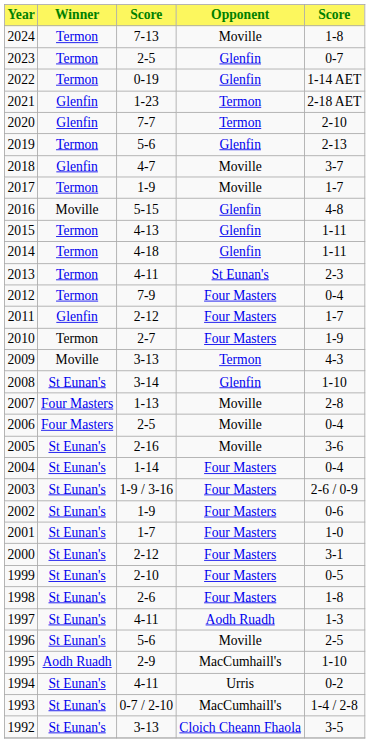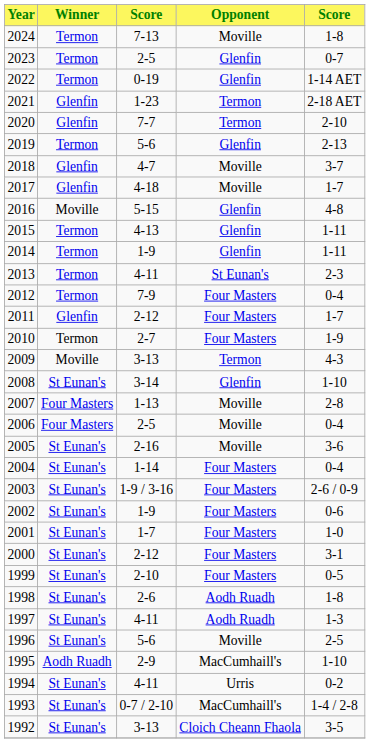 <table class="wikitable" style="text-align:center;">
 <tr>
 <th style="background:#FCF75E;color:green;">Year</th>
 <th style="background:#FCF75E;color:green;">Winner</th>
 <th style="background:#FCF75E;color:green;">Score</th>
 <th style="background:#FCF75E;color:green;">Opponent</th>
 <th style="background:#FCF75E;color:green;">Score</th>
 </tr>
 <tr>
 <td>2024</td>
 <td><a href='#'>Termon</a></td>
 <td>7-13</td>
 <td>Moville</td>
 <td>1-8</td>
 </tr>
 <tr>
 <td>2023</td>
 <td><a href='#'>Termon</a></td>
 <td>2-5</td>
 <td><a href='#'>Glenfin</a></td>
 <td>0-7</td>
 </tr>
 <tr>
 <td>2022 </td>
 <td><a href='#'>Termon</a></td>
 <td>0-19</td>
 <td><a href='#'>Glenfin</a></td>
 <td>1-14 AET</td>
 </tr>
 <tr>
 <td>2021</td>
 <td><a href='#'>Glenfin</a></td>
 <td>1-23</td>
 <td><a href='#'>Termon</a></td>
 <td>2-18 AET</td>
 </tr>
 <tr>
 <td>2020</td>
 <td><a href='#'>Glenfin</a></td>
 <td>7-7</td>
 <td><a href='#'>Termon</a></td>
 <td>2-10</td>
 </tr>
 <tr>
 <td>2019</td>
 <td><a href='#'>Termon</a></td>
 <td>5-6</td>
 <td><a href='#'>Glenfin</a></td>
 <td>2-13</td>
 </tr>
 <tr>
 <td>2018</td>
 <td><a href='#'>Glenfin</a></td>
 <td>4-7</td>
 <td>Moville</td>
 <td>3-7</td>
 </tr>
 <tr>
 <td>2017</td>
-<td><a href='#'>Termon</a></td>
-<td>1-9</td>
+<td><a href='#'>Glenfin</a></td>
+<td>4-18</td>
 <td>Moville</td>
 <td>1-7</td>
 </tr>
 <tr>
 <td>2016</td>
 <td>Moville</td>
 <td>5-15</td>
 <td><a href='#'>Glenfin</a></td>
 <td>4-8</td>
 </tr>
 <tr>
 <td>2015</td>
 <td><a href='#'>Termon</a></td>
 <td>4-13</td>
 <td><a href='#'>Glenfin</a></td>
 <td>1-11</td>
 </tr>
 <tr>
 <td>2014</td>
 <td><a href='#'>Termon</a></td>
-<td>4-18</td>
+<td>1-9</td>
 <td><a href='#'>Glenfin</a></td>
 <td>1-11</td>
 </tr>
 <tr>
 <td>2013</td>
 <td><a href='#'>Termon</a></td>
 <td>4-11</td>
 <td><a href='#'>St Eunan's</a></td>
 <td>2-3</td>
 </tr>
 <tr>
 <td>2012</td>
 <td><a href='#'>Termon</a></td>
 <td>7-9</td>
 <td><a href='#'>Four Masters</a></td>
 <td>0-4</td>
 </tr>
 <tr>
 <td>2011</td>
 <td><a href='#'>Glenfin</a></td>
 <td>2-12</td>
 <td><a href='#'>Four Masters</a></td>
 <td>1-7</td>
 </tr>
 <tr>
 <td>2010</td>
 <td>Termon</td>
 <td>2-7</td>
 <td><a href='#'>Four Masters</a></td>
 <td>1-9</td>
 </tr>
 <tr>
 <td>2009</td>
 <td>Moville</td>
 <td>3-13</td>
 <td><a href='#'>Termon</a></td>
 <td>4-3</td>
 </tr>
 <tr>
 <td>2008</td>
 <td><a href='#'>St Eunan's</a></td>
 <td>3-14</td>
 <td><a href='#'>Glenfin</a></td>
 <td>1-10</td>
 </tr>
 <tr>
 <td>2007</td>
 <td><a href='#'>Four Masters</a></td>
 <td>1-13</td>
 <td>Moville</td>
 <td>2-8</td>
 </tr>
 <tr>
 <td>2006</td>
 <td><a href='#'>Four Masters</a></td>
 <td>2-5</td>
 <td>Moville</td>
 <td>0-4</td>
 </tr>
 <tr>
 <td>2005</td>
 <td><a href='#'>St Eunan's</a></td>
 <td>2-16</td>
 <td>Moville</td>
 <td>3-6</td>
 </tr>
 <tr>
 <td>2004  </td>
 <td><a href='#'>St Eunan's</a></td>
 <td>1-14</td>
 <td><a href='#'>Four Masters</a></td>
 <td>0-4</td>
 </tr>
 <tr>
 <td>2003 </td>
 <td><a href='#'>St Eunan's</a></td>
 <td>1-9 / 3-16</td>
 <td><a href='#'>Four Masters</a></td>
 <td>2-6 / 0-9</td>
 </tr>
 <tr>
 <td>2002</td>
 <td><a href='#'>St Eunan's</a></td>
 <td>1-9</td>
 <td><a href='#'>Four Masters</a></td>
 <td>0-6</td>
 </tr>
 <tr>
 <td>2001</td>
 <td><a href='#'>St Eunan's</a></td>
 <td>1-7</td>
 <td><a href='#'>Four Masters</a></td>
 <td>1-0</td>
 </tr>
 <tr>
 <td>2000</td>
 <td><a href='#'>St Eunan's</a></td>
 <td>2-12</td>
 <td><a href='#'>Four Masters</a></td>
 <td>3-1</td>
 </tr>
 <tr>
 <td>1999</td>
 <td><a href='#'>St Eunan's</a></td>
 <td>2-10</td>
 <td><a href='#'>Four Masters</a></td>
 <td>0-5</td>
 </tr>
 <tr>
 <td>1998</td>
 <td><a href='#'>St Eunan's</a></td>
 <td>2-6</td>
-<td><a href='#'>Four Masters</a></td>
+<td><a href='#'>Aodh Ruadh</a></td>
 <td>1-8</td>
 </tr>
 <tr>
 <td>1997</td>
 <td><a href='#'>St Eunan's</a></td>
 <td>4-11</td>
 <td><a href='#'>Aodh Ruadh</a></td>
 <td>1-3</td>
 </tr>
 <tr>
 <td>1996</td>
 <td><a href='#'>St Eunan's</a></td>
 <td>5-6</td>
 <td>Moville</td>
 <td>2-5</td>
 </tr>
 <tr>
 <td>1995</td>
 <td><a href='#'>Aodh Ruadh</a></td>
 <td>2-9</td>
 <td>MacCumhaill's</td>
 <td>1-10</td>
 </tr>
 <tr>
 <td>1994</td>
 <td><a href='#'>St Eunan's</a></td>
 <td>4-11</td>
 <td>Urris</td>
 <td>0-2</td>
 </tr>
 <tr>
 <td>1993 </td>
 <td><a href='#'>St Eunan's</a></td>
 <td>0-7 / 2-10</td>
 <td>MacCumhaill's</td>
 <td>1-4 / 2-8</td>
 </tr>
 <tr>
 <td>1992</td>
 <td><a href='#'>St Eunan's</a></td>
 <td>3-13</td>
 <td><a href='#'>Cloich Cheann Fhaola</a></td>
 <td>3-5</td>
 </tr>
 <tr>
 </tr>
 </table>
